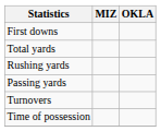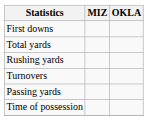 <table class="wikitable" style="float: left;">
 <tr>
 <th>Statistics</th>
 <th>MIZ</th>
 <th>OKLA</th>
 </tr>
 <tr>
 <td>First downs</td>
 <td></td>
 <td></td>
 </tr>
 <tr>
 <td>Total yards</td>
 <td></td>
 <td></td>
 </tr>
 <tr>
 <td>Rushing yards</td>
 <td></td>
 <td></td>
 </tr>
 <tr>
-<td>Passing yards</td>
+<td>Turnovers</td>
 <td></td>
 <td></td>
 </tr>
 <tr>
-<td>Turnovers</td>
+<td>Passing yards</td>
 <td></td>
 <td></td>
 </tr>
 <tr>
 <td>Time of possession</td>
 <td></td>
 <td></td>
 </tr>
 <tr>
 </tr>
 </table>
